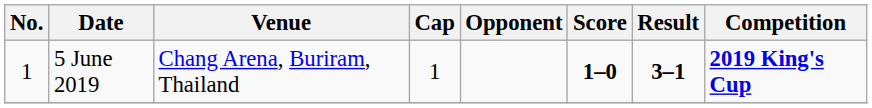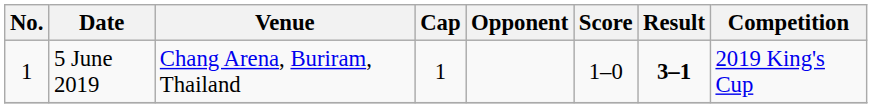 <table class="wikitable sortable">
 <tr>
 <th scope="col">No.</th>
 <th scope="col" data-sort-type="date">Date</th>
 <th scope="col">Venue</th>
 <th scope="col">Cap</th>
 <th scope="col">Opponent</th>
 <th scope="col">Score</th>
 <th scope="col">Result</th>
 <th scope="col">Competition</th>
 </tr>
 <tr>
 <td style="text-align:center">1</td>
 <td>5 June 2019</td>
 <td><a href='#'>Chang Arena</a>, <a href='#'>Buriram</a>, Thailand</td>
 <td style="text-align:center">1</td>
 <td></td>
-<td style="text-align:center"><strong>1–0</strong></td>
+<td style="text-align:center">1–0</td>
 <td style="text-align:center"><strong>3–1</strong></td>
-<td><strong><a href='#'>2019 King's Cup</a></strong></td>
+<td><a href='#'>2019 King's Cup</a></td>
 </tr>
 <tr>
 </tr>
 </table>
